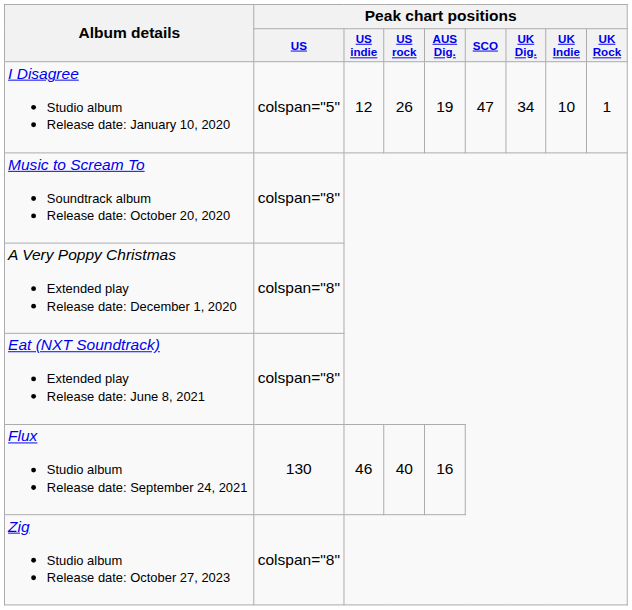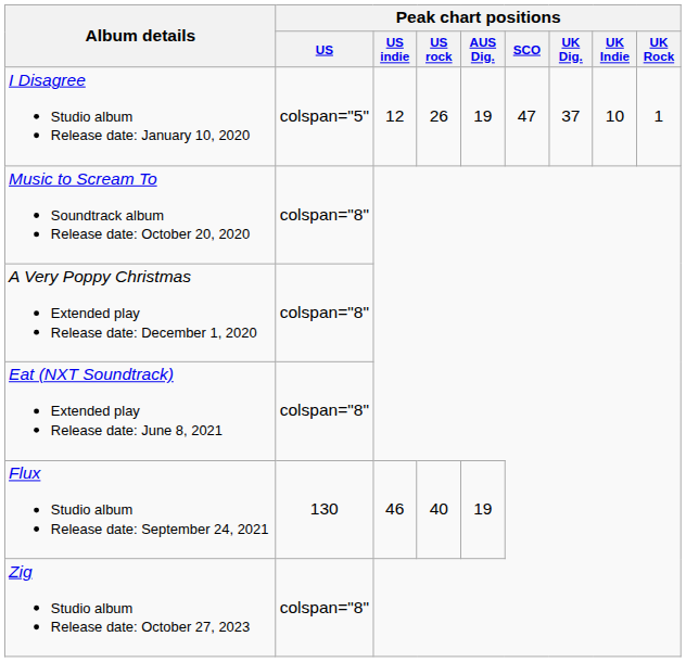 <table class="wikitable" style="text-align:center;">
 <tr>
 <th rowspan =  2 width = 250>Album details</th>
 <th colspan="8">Peak chart positions</th>
 </tr>
 <tr>
 <th style = "width:3em;font-size:75%"><a href='#'>US</a></th>
 <th style = "width:3em;font-size:75%"><a href='#'>US indie</a></th>
 <th style = "width:3em;font-size:75%"><a href='#'>US rock</a></th>
 <th style = "width:3em;font-size:75%"><a href='#'>AUS Dig.</a></th>
 <th style = "width:3em;font-size:75%"><a href='#'>SCO</a></th>
 <th style = "width:3em;font-size:75%"><a href='#'>UK Dig.</a></th>
 <th style = "width:3em;font-size:75%"><a href='#'>UK Indie</a></th>
 <th style = "width:3em;font-size:75%"><a href='#'>UK Rock</a></th>
 </tr>
 <tr>
 <td align=left><em><a href='#'>I Disagree</a></em><br><ul><li><small>Studio album</small></li><li><small>Release date: January 10, 2020</small></li></ul></td>
 <td>colspan="5" </td>
 <td>12</td>
 <td>26</td>
 <td>19</td>
 <td>47</td>
-<td>34</td>
+<td>37</td>
 <td>10</td>
 <td>1</td>
 </tr>
 <tr>
 <td align=left><em><a href='#'>Music to Scream To</a></em><br><ul><li><small>Soundtrack album</small></li><li><small>Release date: October 20, 2020</small></li></ul></td>
 <td>colspan="8" </td>
 </tr>
 <tr>
 <td align=left><em>A Very Poppy Christmas</em><br><ul><li><small>Extended play</small></li><li><small>Release date: December 1, 2020</small></li></ul></td>
 <td>colspan="8" </td>
 </tr>
 <tr>
 <td align=left><em><a href='#'>Eat (NXT Soundtrack)</a></em><br><ul><li><small>Extended play</small></li><li><small>Release date: June 8, 2021</small></li></ul></td>
 <td>colspan="8" </td>
 </tr>
 <tr>
 <td align=left><a href='#'><em>Flux</em></a><br><ul><li><small>Studio album</small></li><li><small>Release date: September 24, 2021</small></li></ul></td>
 <td>130</td>
 <td>46</td>
 <td>40</td>
-<td>16</td>
+<td>19</td>
 </tr>
 <tr>
 <td align=left><a href='#'><em>Zig</em></a><br><ul><li><small>Studio album</small></li><li><small>Release date: October 27, 2023</small></li></ul></td>
 <td>colspan="8" </td>
 </tr>
 </table>
